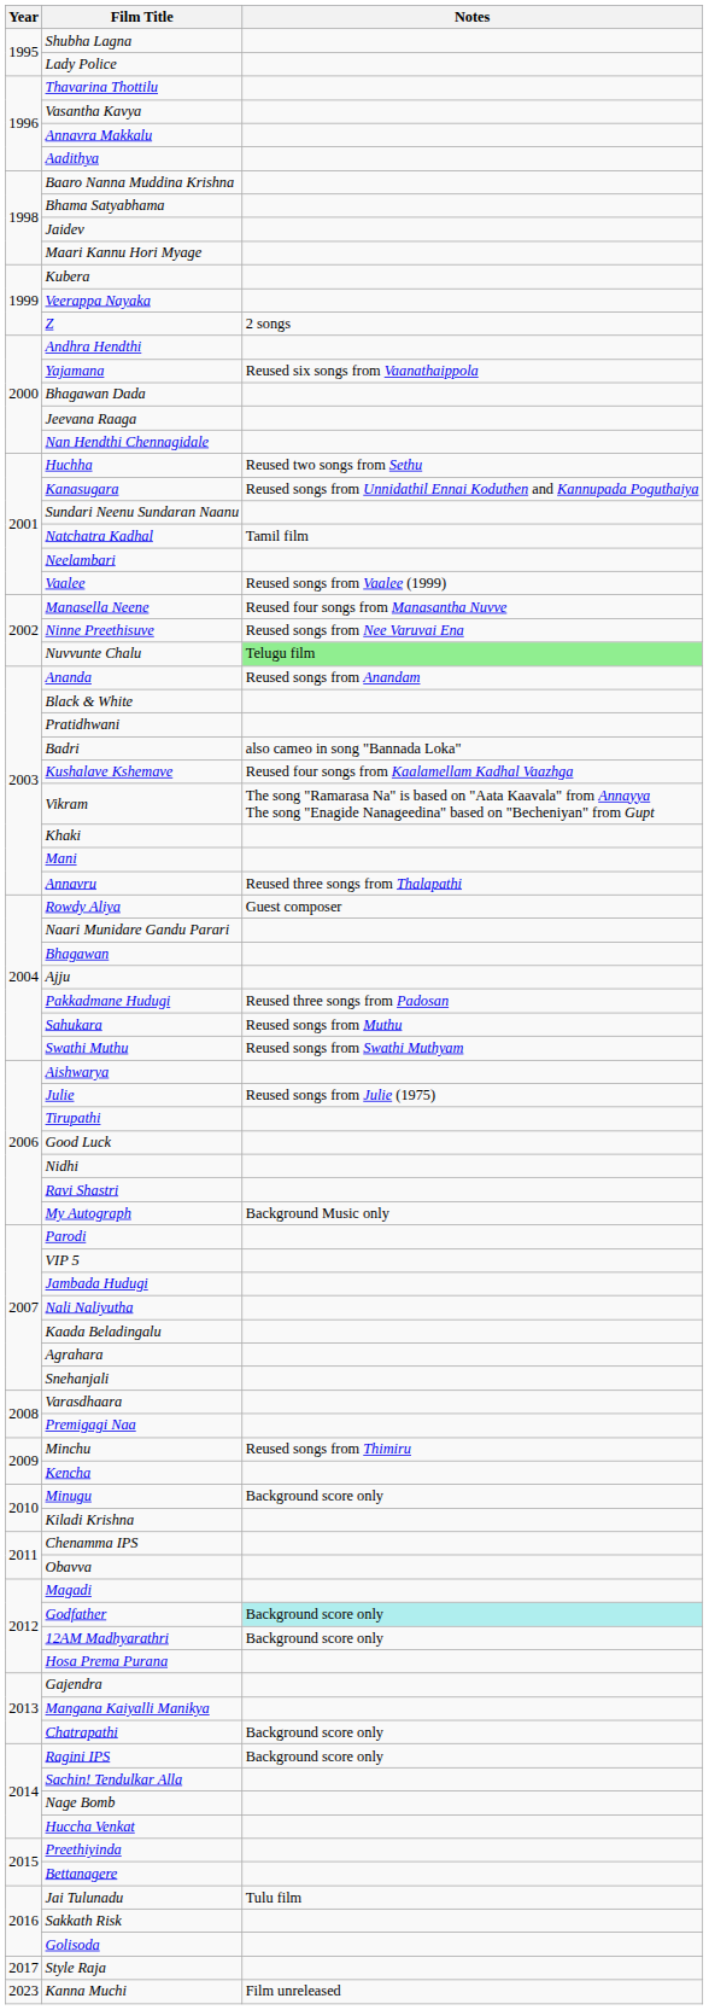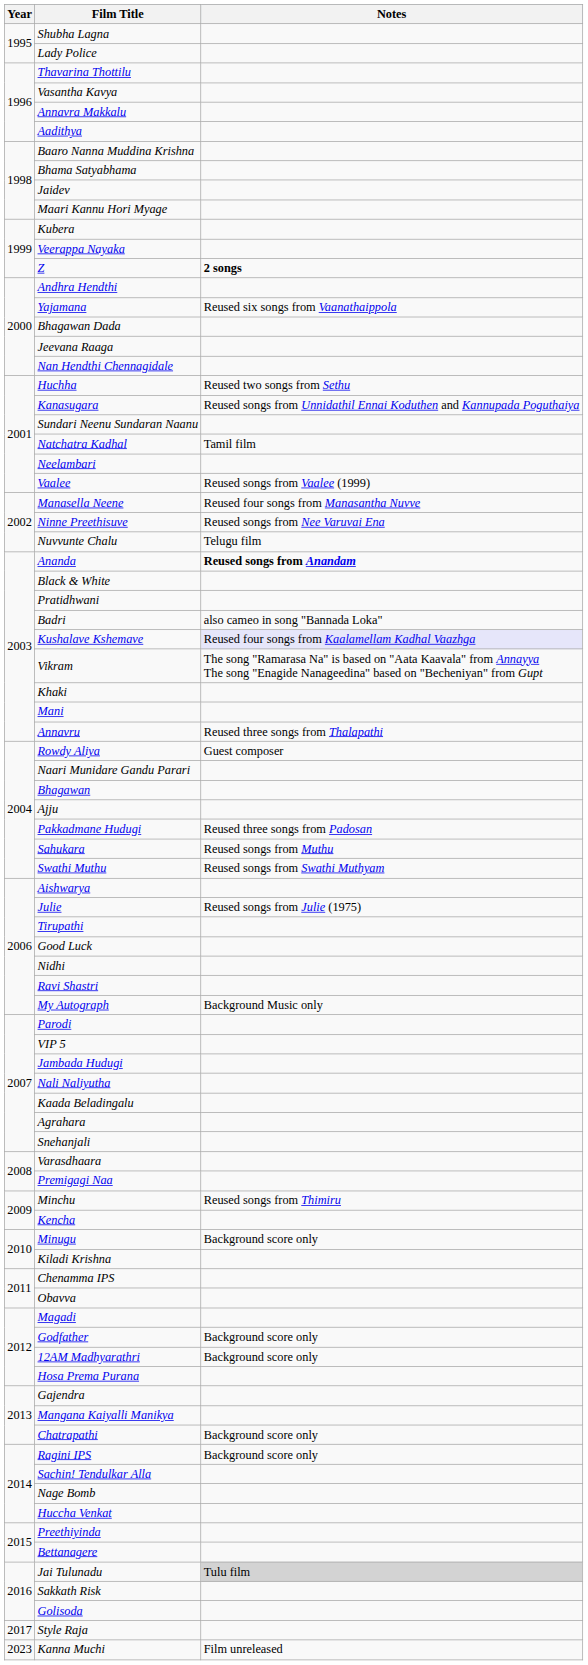 <table class="wikitable">
 <tr style="text-align:center; background:LightSteelBlue; width:60%;">
 <th>Year</th>
 <th>Film Title</th>
 <th>Notes</th>
 </tr>
 <tr>
 <td rowspan="2">1995</td>
 <td><em>Shubha Lagna</em></td>
 <td></td>
 </tr>
 <tr>
 <td><em>Lady Police</em></td>
 <td></td>
 </tr>
 <tr>
 <td rowspan="4">1996</td>
 <td><em><a href='#'>Thavarina Thottilu</a></em></td>
 <td></td>
 </tr>
 <tr>
 <td><em>Vasantha Kavya</em></td>
 <td></td>
 </tr>
 <tr>
 <td><em><a href='#'>Annavra Makkalu</a></em></td>
 <td></td>
 </tr>
 <tr>
 <td><em><a href='#'>Aadithya</a></em></td>
 <td></td>
 </tr>
 <tr>
 <td rowspan="4">1998</td>
 <td><em>Baaro Nanna Muddina Krishna</em></td>
 <td></td>
 </tr>
 <tr>
 <td><em>Bhama Satyabhama</em></td>
 <td></td>
 </tr>
 <tr>
 <td><em>Jaidev</em></td>
 <td></td>
 </tr>
 <tr>
 <td><em>Maari Kannu Hori Myage</em></td>
 <td></td>
 </tr>
 <tr>
 <td rowspan="3">1999</td>
 <td><em>Kubera</em></td>
 <td></td>
 </tr>
 <tr>
 <td><em><a href='#'>Veerappa Nayaka</a></em></td>
 <td></td>
 </tr>
 <tr>
 <td><em><a href='#'>Z</a></em></td>
-<td>2 songs</td>
+<td><strong>2 songs</strong></td>
 </tr>
 <tr>
 <td rowspan="5">2000</td>
 <td><em><a href='#'>Andhra Hendthi</a></em></td>
 <td></td>
 </tr>
 <tr>
 <td><em><a href='#'>Yajamana</a></em></td>
 <td>Reused six songs from <em><a href='#'>Vaanathaippola</a></em></td>
 </tr>
 <tr>
 <td><em>Bhagawan Dada</em></td>
 <td></td>
 </tr>
 <tr>
 <td><em>Jeevana Raaga</em></td>
 <td></td>
 </tr>
 <tr>
 <td><em><a href='#'>Nan Hendthi Chennagidale</a></em></td>
 <td></td>
 </tr>
 <tr>
 <td rowspan="6">2001</td>
 <td><em><a href='#'>Huchha</a></em></td>
 <td>Reused two songs from <em><a href='#'>Sethu</a></em></td>
 </tr>
 <tr>
 <td><em><a href='#'>Kanasugara</a></em></td>
 <td>Reused songs from <em><a href='#'>Unnidathil Ennai Koduthen</a></em> and <em><a href='#'>Kannupada Poguthaiya</a></em></td>
 </tr>
 <tr>
 <td><em>Sundari Neenu Sundaran Naanu</em></td>
 <td></td>
 </tr>
 <tr>
 <td><em><a href='#'>Natchatra Kadhal</a></em></td>
 <td>Tamil film</td>
 </tr>
 <tr>
 <td><em><a href='#'>Neelambari</a></em></td>
 <td></td>
 </tr>
 <tr>
 <td><em><a href='#'>Vaalee</a></em></td>
 <td>Reused songs from <em><a href='#'>Vaalee</a></em> (1999)</td>
 </tr>
 <tr>
 <td rowspan="3">2002</td>
 <td><em><a href='#'>Manasella Neene</a></em></td>
 <td>Reused four songs from <em><a href='#'>Manasantha Nuvve</a></em></td>
 </tr>
 <tr>
 <td><em><a href='#'>Ninne Preethisuve</a></em></td>
 <td>Reused songs from <em><a href='#'>Nee Varuvai Ena</a></em></td>
 </tr>
 <tr>
 <td><em>Nuvvunte Chalu</em></td>
-<td style="background: lightgreen;">Telugu film</td>
+<td>Telugu film</td>
 </tr>
 <tr>
 <td rowspan="9">2003</td>
 <td><em><a href='#'>Ananda</a></em></td>
-<td>Reused songs from <em><a href='#'>Anandam</a></em></td>
+<td><strong>Reused songs from <em><a href='#'>Anandam</a></em></strong></td>
 </tr>
 <tr>
 <td><em>Black & White</em></td>
 <td></td>
 </tr>
 <tr>
 <td><em>Pratidhwani</em></td>
 <td></td>
 </tr>
 <tr>
 <td><em>Badri</em></td>
 <td>also cameo in song "Bannada Loka"</td>
 </tr>
 <tr>
 <td><em><a href='#'>Kushalave Kshemave</a></em></td>
-<td>Reused four songs from <em><a href='#'>Kaalamellam Kadhal Vaazhga</a></em></td>
+<td style="background: lavender;">Reused four songs from <em><a href='#'>Kaalamellam Kadhal Vaazhga</a></em></td>
 </tr>
 <tr>
 <td><em>Vikram</em></td>
 <td>The song "Ramarasa Na" is based on "Aata Kaavala" from <em><a href='#'>Annayya</a></em><br>The song "Enagide Nanageedina" based on "Becheniyan" from <em>Gupt</em></td>
 </tr>
 <tr>
 <td><em>Khaki</em></td>
 <td></td>
 </tr>
 <tr>
 <td><em><a href='#'>Mani</a></em></td>
 <td></td>
 </tr>
 <tr>
 <td><em><a href='#'>Annavru</a></em></td>
 <td>Reused three songs from <em><a href='#'>Thalapathi</a></em></td>
 </tr>
 <tr>
 <td rowspan="7">2004</td>
 <td><em><a href='#'>Rowdy Aliya</a></em></td>
 <td>Guest composer</td>
 </tr>
 <tr>
 <td><em>Naari Munidare Gandu Parari</em></td>
 <td></td>
 </tr>
 <tr>
 <td><em><a href='#'>Bhagawan</a></em></td>
 <td></td>
 </tr>
 <tr>
 <td><em>Ajju</em></td>
 <td></td>
 </tr>
 <tr>
 <td><em><a href='#'>Pakkadmane Hudugi</a></em></td>
 <td>Reused three songs from <em><a href='#'>Padosan</a></em></td>
 </tr>
 <tr>
 <td><em><a href='#'>Sahukara</a></em></td>
 <td>Reused songs from <em><a href='#'>Muthu</a></em></td>
 </tr>
 <tr>
 <td><em><a href='#'>Swathi Muthu</a></em></td>
 <td>Reused songs from <em><a href='#'>Swathi Muthyam</a></em></td>
 </tr>
 <tr>
 <td rowspan="7">2006</td>
 <td><em><a href='#'>Aishwarya</a></em></td>
 <td></td>
 </tr>
 <tr>
 <td><em><a href='#'>Julie</a></em></td>
 <td>Reused songs from <em><a href='#'>Julie</a></em> (1975)</td>
 </tr>
 <tr>
 <td><em><a href='#'>Tirupathi</a></em></td>
 <td></td>
 </tr>
 <tr>
 <td><em>Good Luck</em></td>
 <td></td>
 </tr>
 <tr>
 <td><em>Nidhi</em></td>
 <td></td>
 </tr>
 <tr>
 <td><em><a href='#'>Ravi Shastri</a></em></td>
 <td></td>
 </tr>
 <tr>
 <td><em><a href='#'>My Autograph</a></em></td>
 <td>Background Music only</td>
 </tr>
 <tr>
 <td rowspan="7">2007</td>
 <td><em><a href='#'>Parodi</a></em></td>
 <td></td>
 </tr>
 <tr>
 <td><em>VIP 5</em></td>
 <td></td>
 </tr>
 <tr>
 <td><em><a href='#'>Jambada Hudugi</a></em></td>
 <td></td>
 </tr>
 <tr>
 <td><em><a href='#'>Nali Naliyutha</a></em></td>
 <td></td>
 </tr>
 <tr>
 <td><em>Kaada Beladingalu</em></td>
 <td></td>
 </tr>
 <tr>
 <td><em>Agrahara</em></td>
 <td></td>
 </tr>
 <tr>
 <td><em>Snehanjali</em></td>
 <td></td>
 </tr>
 <tr>
 <td rowspan="2">2008</td>
 <td><em>Varasdhaara</em></td>
 <td></td>
 </tr>
 <tr>
 <td><em><a href='#'>Premigagi Naa</a></em></td>
 <td></td>
 </tr>
 <tr>
 <td rowspan="2">2009</td>
 <td><em>Minchu</em></td>
 <td>Reused songs from <em><a href='#'>Thimiru</a></em></td>
 </tr>
 <tr>
 <td><em><a href='#'>Kencha</a></em></td>
 <td></td>
 </tr>
 <tr>
 <td rowspan=2>2010</td>
 <td><em><a href='#'>Minugu</a></em></td>
 <td>Background score only</td>
 </tr>
 <tr>
 <td><em>Kiladi Krishna</em></td>
 <td></td>
 </tr>
 <tr>
 <td rowspan="2">2011</td>
 <td><em>Chenamma IPS</em></td>
 <td></td>
 </tr>
 <tr>
 <td><em>Obavva</em></td>
 <td></td>
 </tr>
 <tr>
 <td rowspan="4">2012</td>
 <td><em><a href='#'>Magadi</a></em></td>
 <td></td>
 </tr>
 <tr>
 <td><em><a href='#'>Godfather</a></em></td>
-<td style="background: paleturquoise;">Background score only</td>
+<td>Background score only</td>
 </tr>
 <tr>
 <td><em><a href='#'>12AM Madhyarathri</a></em></td>
 <td>Background score only</td>
 </tr>
 <tr>
 <td><em><a href='#'>Hosa Prema Purana</a></em></td>
 <td></td>
 </tr>
 <tr>
 <td rowspan="3">2013</td>
 <td><em>Gajendra</em></td>
 <td></td>
 </tr>
 <tr>
 <td><em><a href='#'>Mangana Kaiyalli Manikya</a></em></td>
 <td></td>
 </tr>
 <tr>
 <td><em><a href='#'>Chatrapathi</a></em></td>
 <td>Background score only</td>
 </tr>
 <tr>
 <td rowspan="4">2014</td>
 <td><em><a href='#'>Ragini IPS</a></em></td>
 <td>Background score only</td>
 </tr>
 <tr>
 <td><em><a href='#'>Sachin! Tendulkar Alla</a></em></td>
 <td></td>
 </tr>
 <tr>
 <td><em>Nage Bomb</em></td>
 <td></td>
 </tr>
 <tr>
 <td><em><a href='#'>Huccha Venkat</a></em></td>
 <td></td>
 </tr>
 <tr>
 <td rowspan="2">2015</td>
 <td><em><a href='#'>Preethiyinda</a></em></td>
 <td></td>
 </tr>
 <tr>
 <td><em><a href='#'>Bettanagere</a></em></td>
 <td></td>
 </tr>
 <tr>
 <td rowspan="3">2016</td>
 <td><em>Jai Tulunadu</em></td>
-<td>Tulu film</td>
+<td style="background: lightgrey;">Tulu film</td>
 </tr>
 <tr>
 <td><em>Sakkath Risk</em></td>
 <td></td>
 </tr>
 <tr>
 <td><em><a href='#'>Golisoda</a></em></td>
 <td></td>
 </tr>
 <tr>
 <td>2017</td>
 <td><em>Style Raja</em></td>
 <td></td>
 </tr>
 <tr>
 <td>2023</td>
 <td><em>Kanna Muchi</em></td>
 <td>Film unreleased</td>
 </tr>
 </table>
